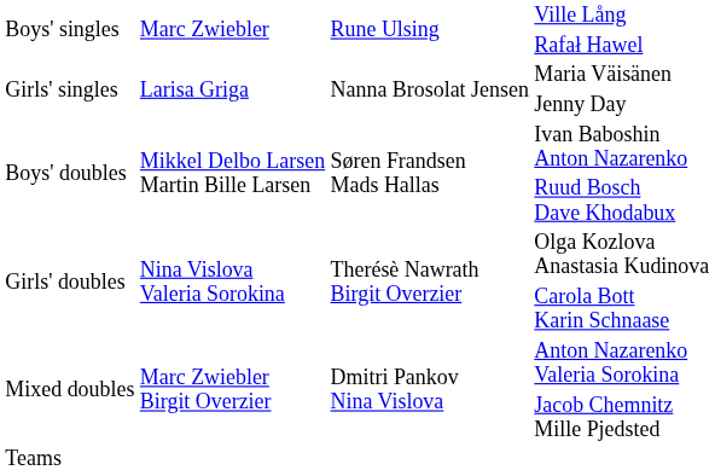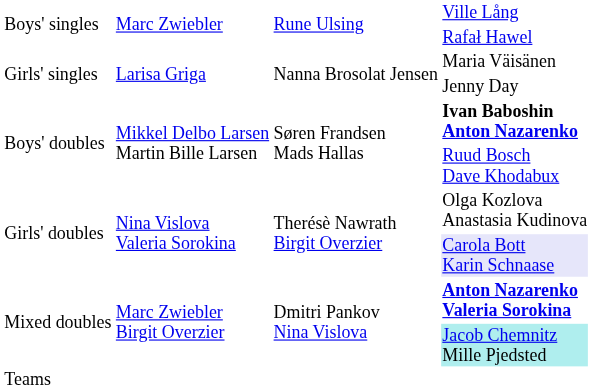 <table>
 <tr>
 <td rowspan=2>Boys' singles</td>
 <td rowspan=2> <a href='#'>Marc Zwiebler</a></td>
 <td rowspan=2> <a href='#'>Rune Ulsing</a></td>
 <td> <a href='#'>Ville Lång</a></td>
 </tr>
 <tr>
 <td> <a href='#'>Rafał Hawel</a></td>
 </tr>
 <tr>
 <td rowspan=2>Girls' singles</td>
 <td rowspan=2> <a href='#'>Larisa Griga</a></td>
 <td rowspan=2> Nanna Brosolat Jensen</td>
 <td> Maria Väisänen</td>
 </tr>
 <tr>
 <td> Jenny Day</td>
 </tr>
 <tr>
 <td rowspan=2>Boys' doubles</td>
 <td rowspan=2> <a href='#'>Mikkel Delbo Larsen</a><br> Martin Bille Larsen</td>
 <td rowspan=2> Søren Frandsen<br> Mads Hallas</td>
-<td> Ivan Baboshin<br> <a href='#'>Anton Nazarenko</a></td>
+<td><strong> Ivan Baboshin<br> <a href='#'>Anton Nazarenko</a></strong></td>
 </tr>
 <tr>
 <td> <a href='#'>Ruud Bosch</a><br> <a href='#'>Dave Khodabux</a></td>
 </tr>
 <tr>
 <td rowspan=2>Girls' doubles</td>
 <td rowspan=2> <a href='#'>Nina Vislova</a><br> <a href='#'>Valeria Sorokina</a></td>
 <td rowspan=2> Therésè Nawrath<br> <a href='#'>Birgit Overzier</a></td>
 <td> Olga Kozlova<br> Anastasia Kudinova</td>
 </tr>
 <tr>
-<td> <a href='#'>Carola Bott</a><br> <a href='#'>Karin Schnaase</a></td>
+<td style="background: lavender;"> <a href='#'>Carola Bott</a><br> <a href='#'>Karin Schnaase</a></td>
 </tr>
 <tr>
 <td rowspan=2>Mixed doubles</td>
 <td rowspan=2> <a href='#'>Marc Zwiebler</a><br> <a href='#'>Birgit Overzier</a></td>
 <td rowspan=2> Dmitri Pankov<br> <a href='#'>Nina Vislova</a></td>
-<td> <a href='#'>Anton Nazarenko</a><br> <a href='#'>Valeria Sorokina</a></td>
+<td><strong> <a href='#'>Anton Nazarenko</a><br> <a href='#'>Valeria Sorokina</a></strong></td>
 </tr>
 <tr>
-<td> <a href='#'>Jacob Chemnitz</a><br> Mille Pjedsted</td>
+<td style="background: paleturquoise;"> <a href='#'>Jacob Chemnitz</a><br> Mille Pjedsted</td>
 </tr>
 <tr>
 <td>Teams</td>
 <td></td>
 <td></td>
 <td></td>
 </tr>
 </table>
